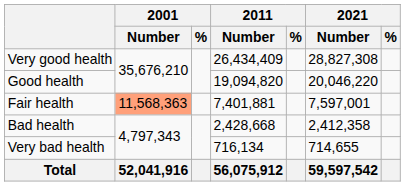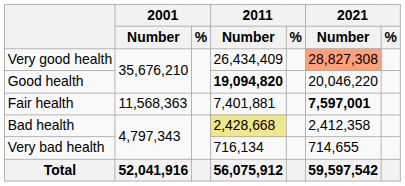 <table class="wikitable mw-collapsible">
 <tr>
 <th rowspan="2"></th>
 <th colspan="2">2001</th>
 <th colspan="2">2011</th>
 <th colspan="2">2021</th>
 </tr>
 <tr>
 <th>Number</th>
 <th>%</th>
 <th>Number</th>
 <th>%</th>
 <th>Number</th>
 <th>%</th>
 </tr>
 <tr>
 <td>Very good health</td>
 <td rowspan="2">35,676,210</td>
 <td rowspan="2"></td>
 <td>26,434,409</td>
 <td></td>
-<td>28,827,308</td>
+<td style="background: lightsalmon;">28,827,308</td>
 <td></td>
 </tr>
 <tr>
 <td>Good health</td>
-<td>19,094,820</td>
+<td><strong>19,094,820</strong></td>
 <td></td>
 <td>20,046,220</td>
 <td></td>
 </tr>
 <tr>
 <td>Fair health</td>
-<td style="background: lightsalmon;">11,568,363</td>
+<td>11,568,363</td>
 <td></td>
 <td>7,401,881</td>
 <td></td>
-<td>7,597,001</td>
+<td><strong>7,597,001</strong></td>
 <td></td>
 </tr>
 <tr>
 <td>Bad health</td>
 <td rowspan="2">4,797,343</td>
 <td rowspan="2"></td>
-<td>2,428,668</td>
+<td style="background: khaki;">2,428,668</td>
 <td></td>
 <td>2,412,358</td>
 <td></td>
 </tr>
 <tr>
 <td>Very bad health</td>
 <td>716,134</td>
 <td></td>
 <td>714,655</td>
 <td></td>
 </tr>
 <tr>
 <th>Total</th>
 <th>52,041,916</th>
 <th></th>
 <th>56,075,912</th>
 <th></th>
 <th>59,597,542</th>
 <th></th>
 </tr>
 </table>
